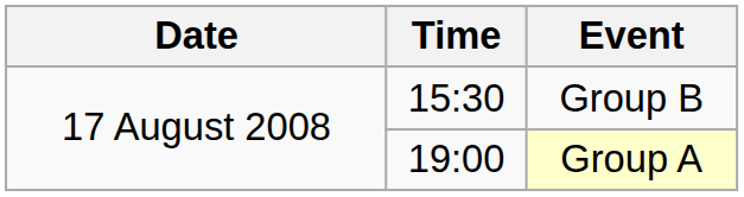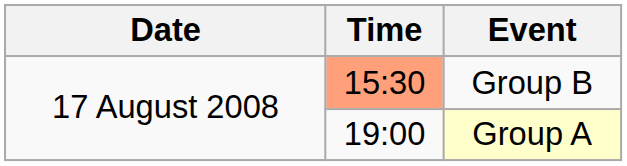 <table class = "wikitable" style="text-align:center;">
 <tr>
 <th width=150>Date</th>
 <th width=50>Time</th>
 <th width=80>Event</th>
 </tr>
 <tr>
 <td rowspan=2>17 August 2008</td>
-<td>15:30</td>
+<td style="background: lightsalmon;">15:30</td>
 <td>Group B</td>
 </tr>
 <tr>
 <td>19:00</td>
 <td bgcolor=ffffcc>Group A</td>
 </tr>
 </table>
